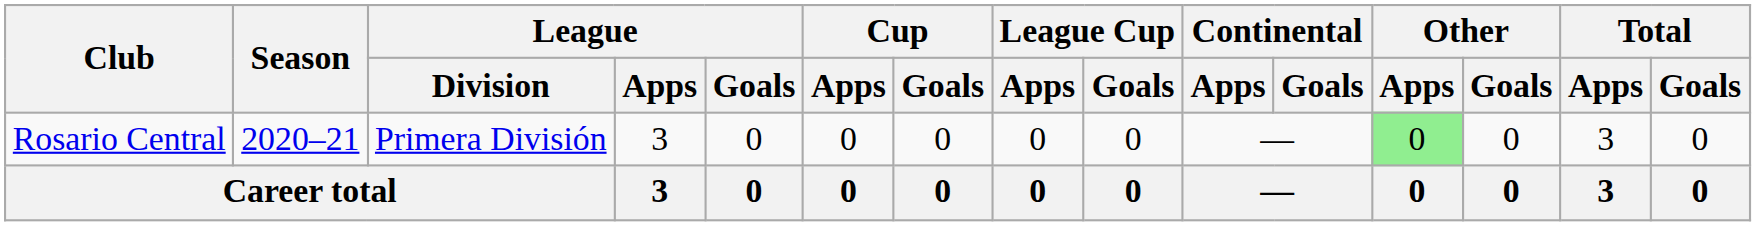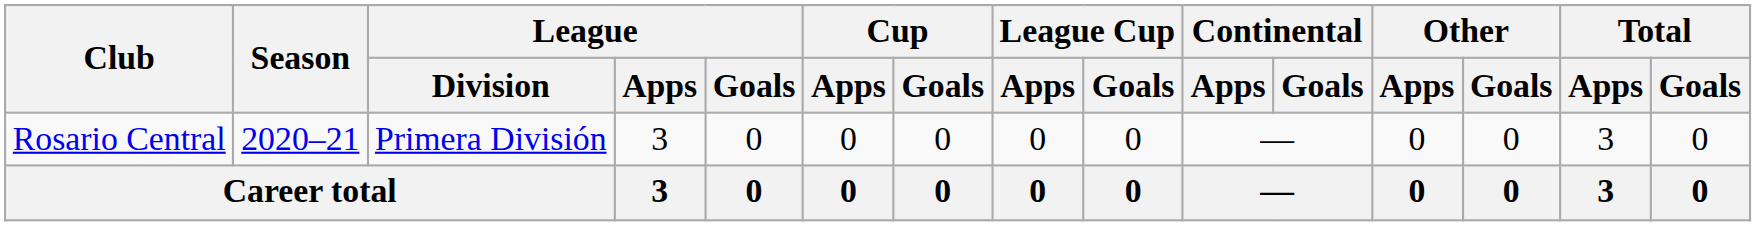 <table class="wikitable" style="text-align:center">
 <tr>
 <th rowspan="2">Club</th>
 <th rowspan="2">Season</th>
 <th colspan="3">League</th>
 <th colspan="2">Cup</th>
 <th colspan="2">League Cup</th>
 <th colspan="2">Continental</th>
 <th colspan="2">Other</th>
 <th colspan="2">Total</th>
 </tr>
 <tr>
 <th>Division</th>
 <th>Apps</th>
 <th>Goals</th>
 <th>Apps</th>
 <th>Goals</th>
 <th>Apps</th>
 <th>Goals</th>
 <th>Apps</th>
 <th>Goals</th>
 <th>Apps</th>
 <th>Goals</th>
 <th>Apps</th>
 <th>Goals</th>
 </tr>
 <tr>
 <td rowspan="1"><a href='#'>Rosario Central</a></td>
 <td><a href='#'>2020–21</a></td>
 <td rowspan="1"><a href='#'>Primera División</a></td>
 <td>3</td>
 <td>0</td>
 <td>0</td>
 <td>0</td>
 <td>0</td>
 <td>0</td>
 <td colspan="2">—</td>
-<td style="background: lightgreen;">0</td>
+<td>0</td>
 <td>0</td>
 <td>3</td>
 <td>0</td>
 </tr>
 <tr>
 <th colspan="3">Career total</th>
 <th>3</th>
 <th>0</th>
 <th>0</th>
 <th>0</th>
 <th>0</th>
 <th>0</th>
 <th colspan="2">—</th>
 <th>0</th>
 <th>0</th>
 <th>3</th>
 <th>0</th>
 </tr>
 </table>
